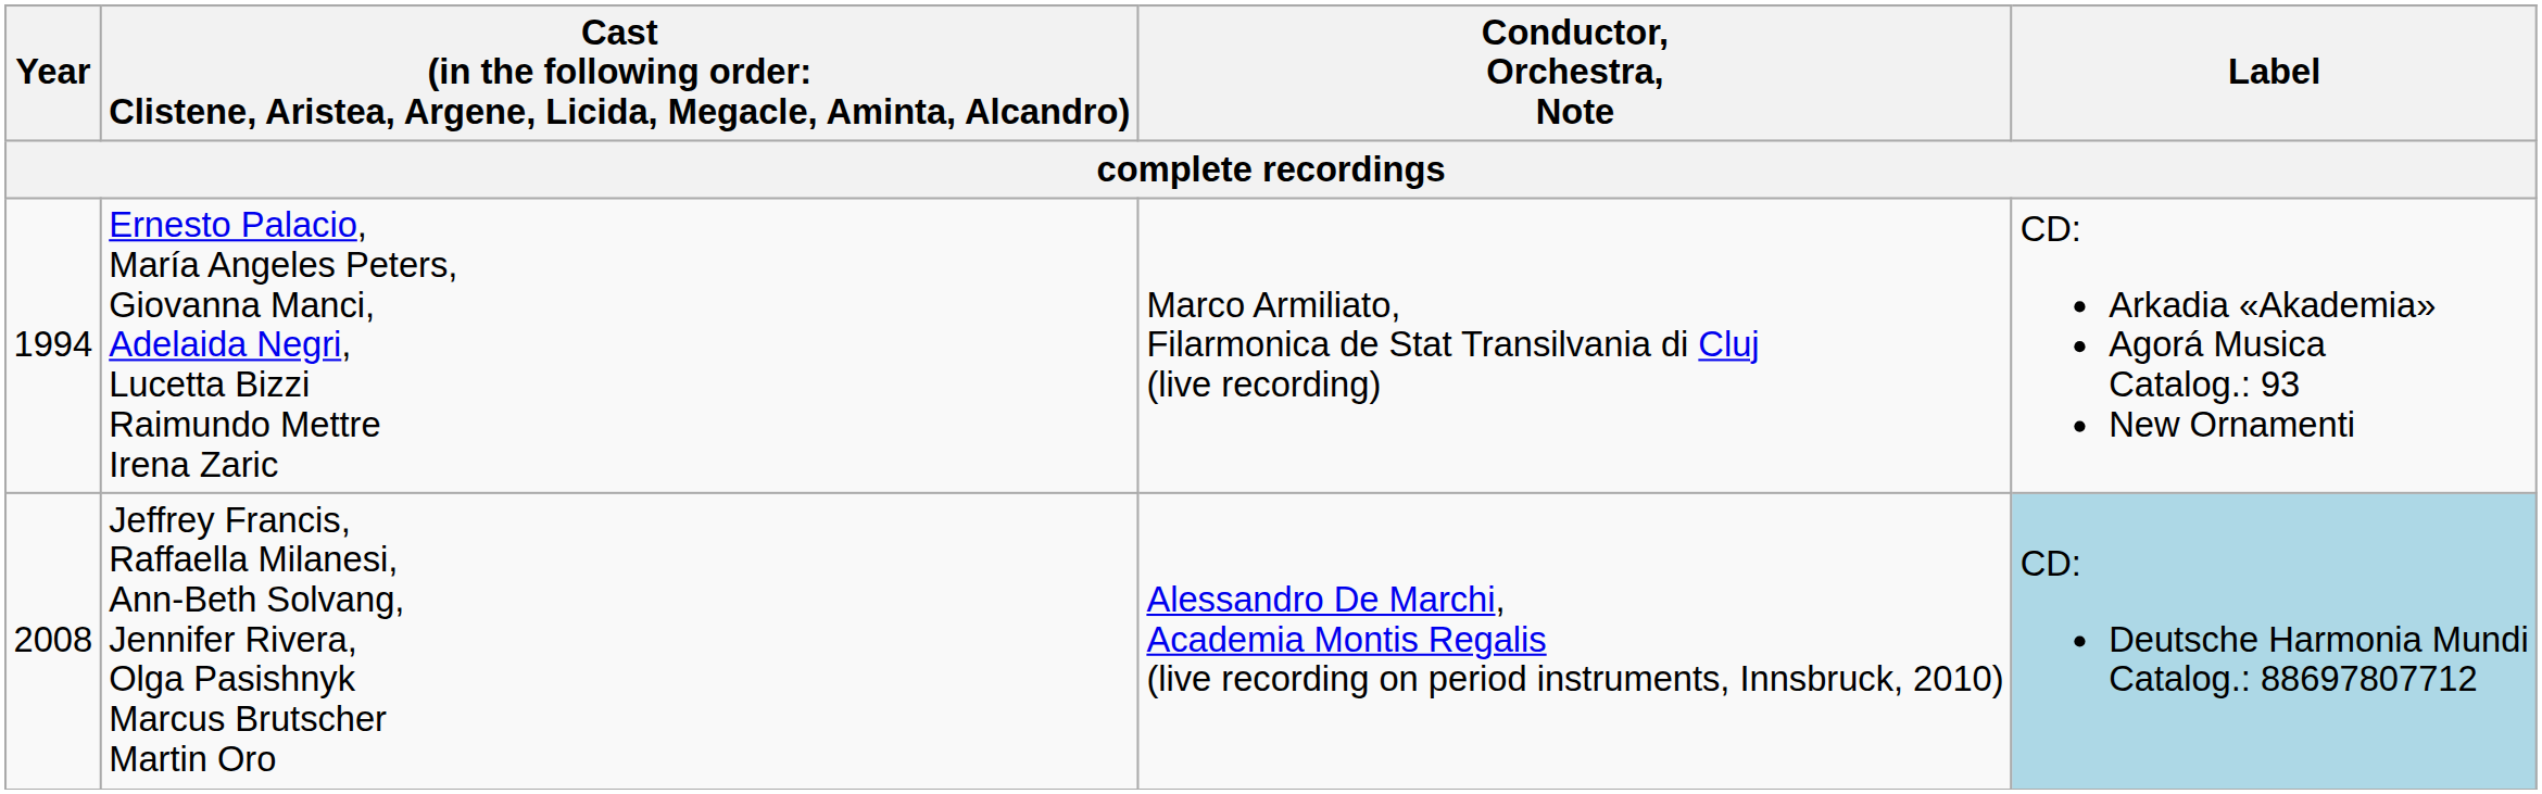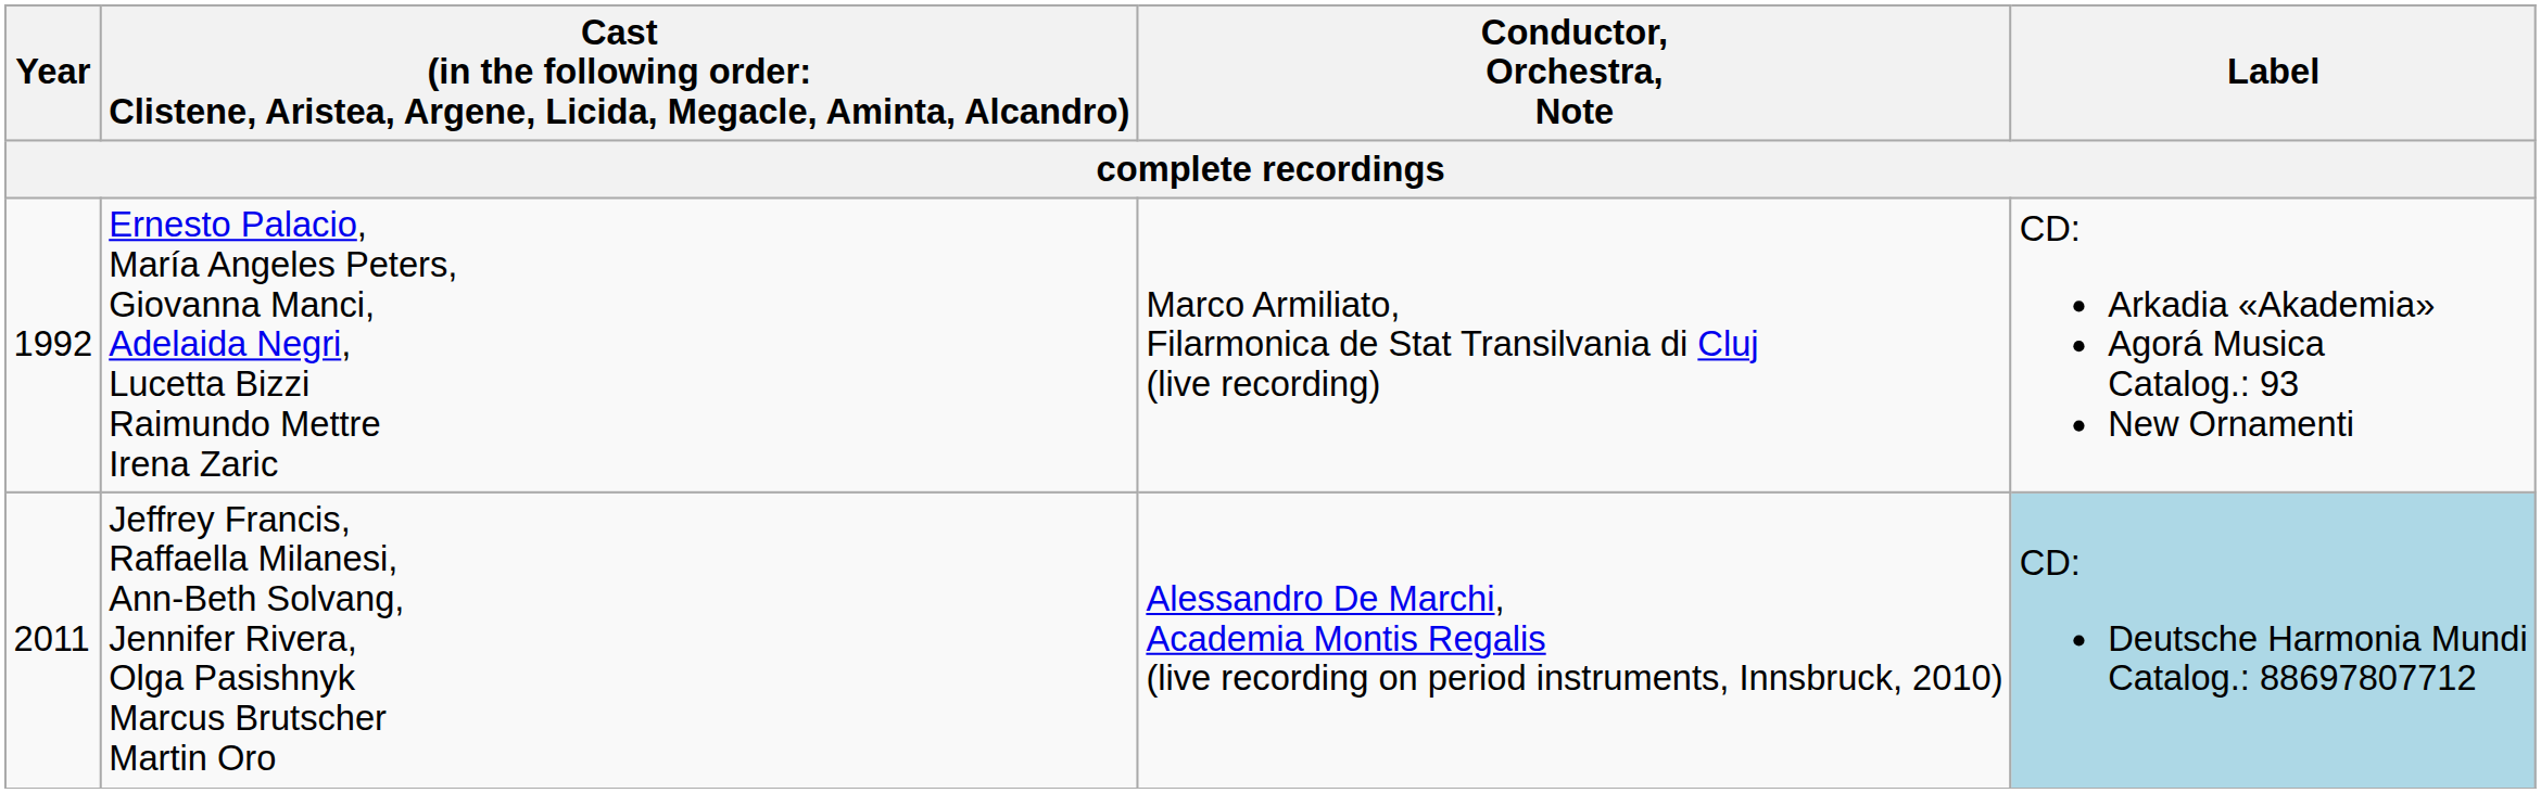 <table class="wikitable">
 <tr>
 <th>Year</th>
 <th>Cast<br>(in the following order:<br>Clistene, Aristea, Argene, Licida, Megacle, Aminta, Alcandro)</th>
 <th>Conductor,<br>Orchestra,<br>Note</th>
 <th>Label</th>
 </tr>
 <tr>
 <th colspan="4">complete recordings</th>
 </tr>
 <tr>
-<td>1994</td>
+<td>1992</td>
 <td><a href='#'>Ernesto Palacio</a>,<br>María Angeles Peters,<br>Giovanna Manci,<br><a href='#'>Adelaida Negri</a>,<br>Lucetta Bizzi<br>Raimundo Mettre<br>Irena Zaric</td>
 <td>Marco Armiliato, <br>Filarmonica de Stat Transilvania di <a href='#'>Cluj</a><br>(live recording)</td>
 <td>CD:<br><ul><li>Arkadia «Akademia»</li><li>Agorá Musica<br>Catalog.: 93</li><li>New Ornamenti</li></ul></td>
 </tr>
 <tr>
-<td>2008</td>
+<td>2011</td>
 <td>Jeffrey Francis,<br>Raffaella Milanesi,<br>Ann-Beth Solvang,<br>Jennifer Rivera,<br>Olga Pasishnyk<br>Marcus Brutscher<br>Martin Oro</td>
 <td><a href='#'>Alessandro De Marchi</a>,<br><a href='#'>Academia Montis Regalis</a><br> (live recording on period instruments,  Innsbruck, 2010)</td>
 <td style="background: lightblue;">CD:<br><ul><li>Deutsche Harmonia Mundi <br>Catalog.: 88697807712</li></ul></td>
 </tr>
 <tr>
 </tr>
 </table>
